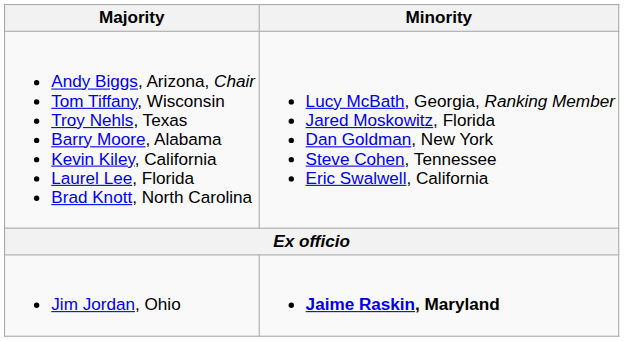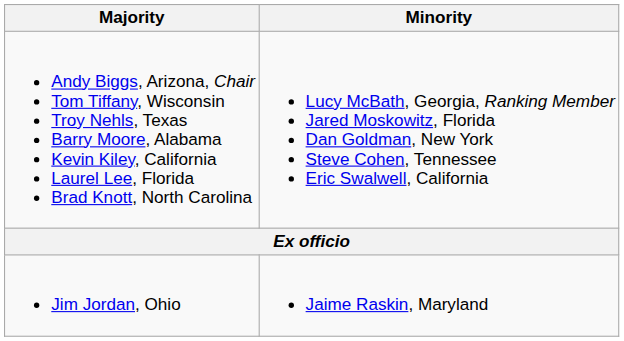 <table class=wikitable>
 <tr>
 <th>Majority</th>
 <th>Minority</th>
 </tr>
 <tr>
 <td><br><ul><li><a href='#'>Andy Biggs</a>, Arizona, <em>Chair</em></li><li><a href='#'>Tom Tiffany</a>, Wisconsin</li><li><a href='#'>Troy Nehls</a>, Texas</li><li><a href='#'>Barry Moore</a>, Alabama</li><li><a href='#'>Kevin Kiley</a>, California</li><li><a href='#'>Laurel Lee</a>, Florida</li><li><a href='#'>Brad Knott</a>, North Carolina</li></ul></td>
 <td><br><ul><li><a href='#'>Lucy McBath</a>, Georgia, <em>Ranking Member</em></li><li><a href='#'>Jared Moskowitz</a>, Florida</li><li><a href='#'>Dan Goldman</a>, New York</li><li><a href='#'>Steve Cohen</a>, Tennessee</li><li><a href='#'>Eric Swalwell</a>, California</li></ul></td>
 </tr>
 <tr>
 <th colspan=2><em>Ex officio</em></th>
 </tr>
 <tr>
 <td><br><ul><li><a href='#'>Jim Jordan</a>, Ohio</li></ul></td>
-<td><strong><br><ul><li><a href='#'>Jaime Raskin</a>, Maryland</li></ul></strong></td>
+<td><br><ul><li><a href='#'>Jaime Raskin</a>, Maryland</li></ul></td>
 </tr>
 </table>
